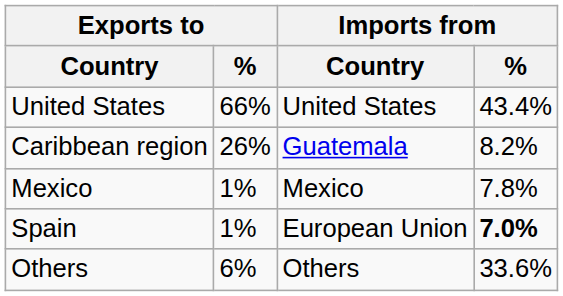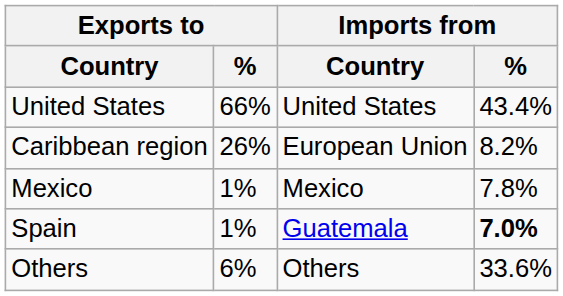 <table class="wikitable" class="bonita" style="float:left; margin:0.5em 0.5em 0.5em 1em; padding:0.5em; font-size:95">
 <tr>
 <th colspan="2">Exports to</th>
 <th colspan="2">Imports from</th>
 </tr>
 <tr>
 <th>Country</th>
 <th>%</th>
 <th>Country</th>
 <th>%</th>
 </tr>
 <tr>
 <td>United States</td>
 <td>66%</td>
 <td>United States</td>
 <td>43.4%</td>
 </tr>
 <tr>
 <td>Caribbean region</td>
 <td>26%</td>
-<td><a href='#'>Guatemala</a></td>
+<td>European Union</td>
 <td>8.2%</td>
 </tr>
 <tr>
 <td>Mexico</td>
 <td>1%</td>
 <td>Mexico</td>
 <td>7.8%</td>
 </tr>
 <tr>
 <td>Spain</td>
 <td>1%</td>
-<td>European Union</td>
+<td><a href='#'>Guatemala</a></td>
 <td><strong>7.0%</strong></td>
 </tr>
 <tr>
 <td>Others</td>
 <td>6%</td>
 <td>Others</td>
 <td>33.6%</td>
 </tr>
 </table>
